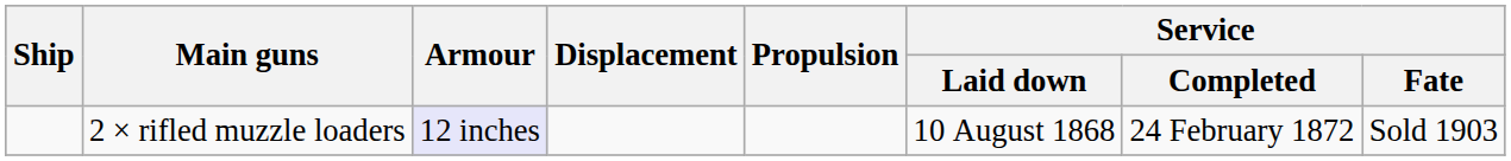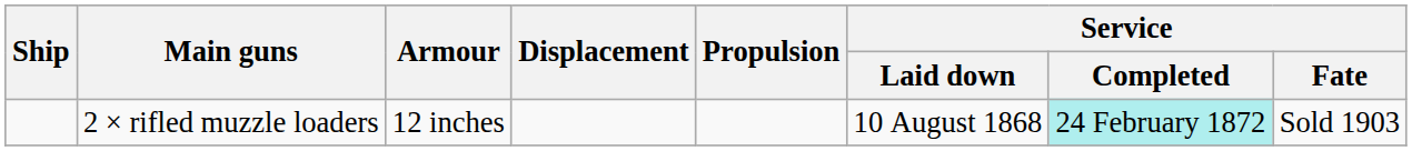 <table class="wikitable">
 <tr valign="center">
 <th align= center rowspan=2>Ship</th>
 <th align= center rowspan=2>Main guns</th>
 <th align= center rowspan=2>Armour</th>
 <th align= center rowspan=2>Displacement</th>
 <th align= center rowspan=2>Propulsion</th>
 <th align= center colspan=3>Service</th>
 </tr>
 <tr valign="top">
 <th align= center>Laid down</th>
 <th align= center>Completed</th>
 <th align= center>Fate</th>
 </tr>
 <tr valign="center">
 <td align= left></td>
 <td align= center>2 × <a href='#'></a> rifled muzzle loaders</td>
-<td align= center style="background: lavender;">12 inches</td>
+<td align= center>12 inches</td>
 <td align= center></td>
 <td align= center> </td>
 <td align= center>10 August 1868</td>
-<td align= center>24 February 1872</td>
+<td align= center style="background: paleturquoise;">24 February 1872</td>
 <td align= center>Sold 1903</td>
 </tr>
 </table>
